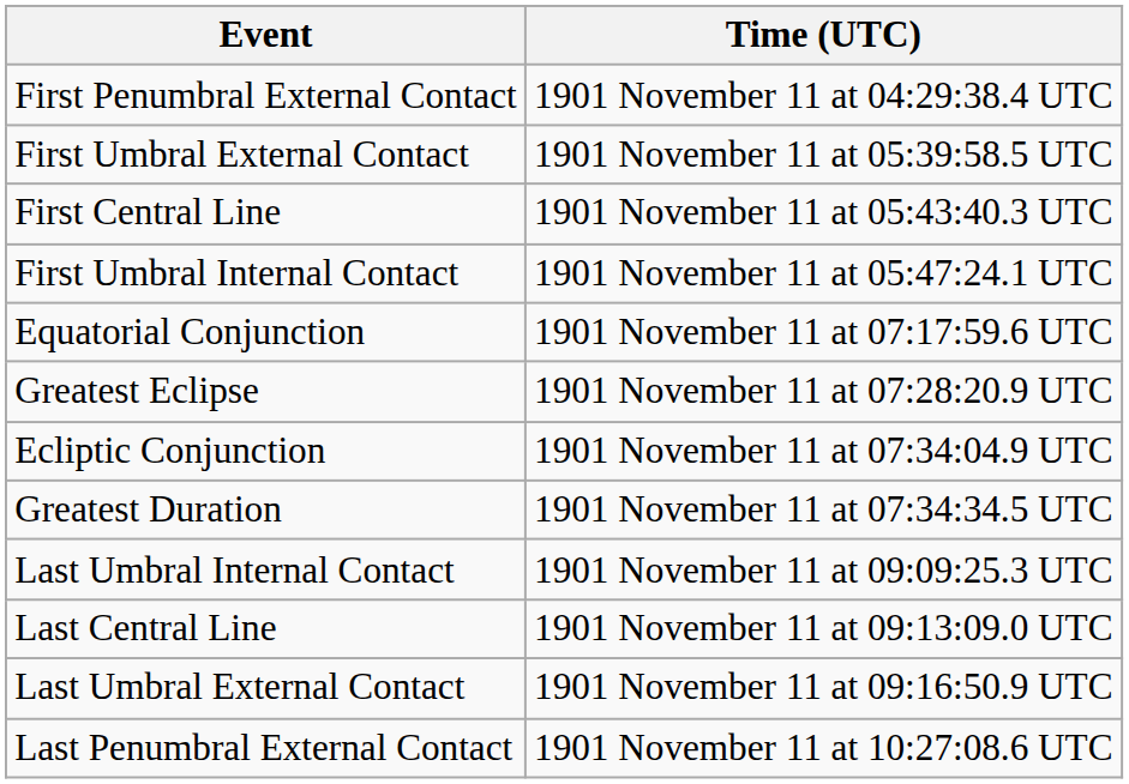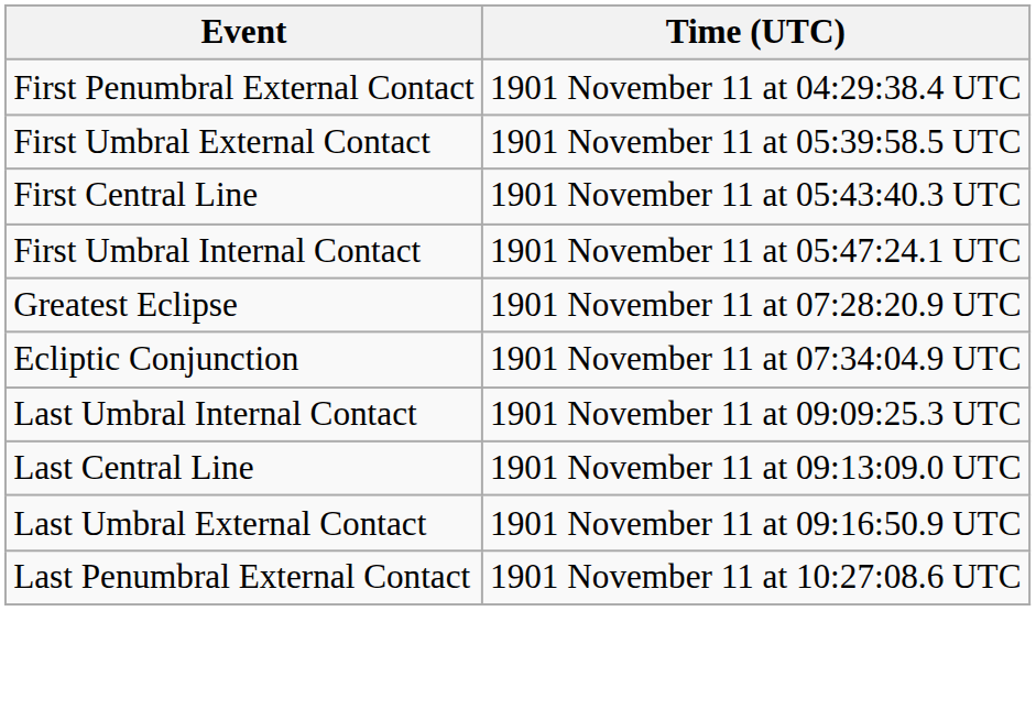 <table class="wikitable">
 <tr>
 <th>Event</th>
 <th>Time (UTC)</th>
 </tr>
 <tr>
 <td>First Penumbral External Contact</td>
 <td>1901 November 11 at 04:29:38.4 UTC</td>
 </tr>
 <tr>
 <td>First Umbral External Contact</td>
 <td>1901 November 11 at 05:39:58.5 UTC</td>
 </tr>
 <tr>
 <td>First Central Line</td>
 <td>1901 November 11 at 05:43:40.3 UTC</td>
 </tr>
 <tr>
 <td>First Umbral Internal Contact</td>
 <td>1901 November 11 at 05:47:24.1 UTC</td>
 </tr>
 <tr>
-<td>Equatorial Conjunction</td>
-<td>1901 November 11 at 07:17:59.6 UTC</td>
-</tr>
-<tr>
 <td>Greatest Eclipse</td>
 <td>1901 November 11 at 07:28:20.9 UTC</td>
 </tr>
 <tr>
 <td>Ecliptic Conjunction</td>
 <td>1901 November 11 at 07:34:04.9 UTC</td>
-</tr>
-<tr>
-<td>Greatest Duration</td>
-<td>1901 November 11 at 07:34:34.5 UTC</td>
 </tr>
 <tr>
 <td>Last Umbral Internal Contact</td>
 <td>1901 November 11 at 09:09:25.3 UTC</td>
 </tr>
 <tr>
 <td>Last Central Line</td>
 <td>1901 November 11 at 09:13:09.0 UTC</td>
 </tr>
 <tr>
 <td>Last Umbral External Contact</td>
 <td>1901 November 11 at 09:16:50.9 UTC</td>
 </tr>
 <tr>
 <td>Last Penumbral External Contact</td>
 <td>1901 November 11 at 10:27:08.6 UTC</td>
 </tr>
 </table>
